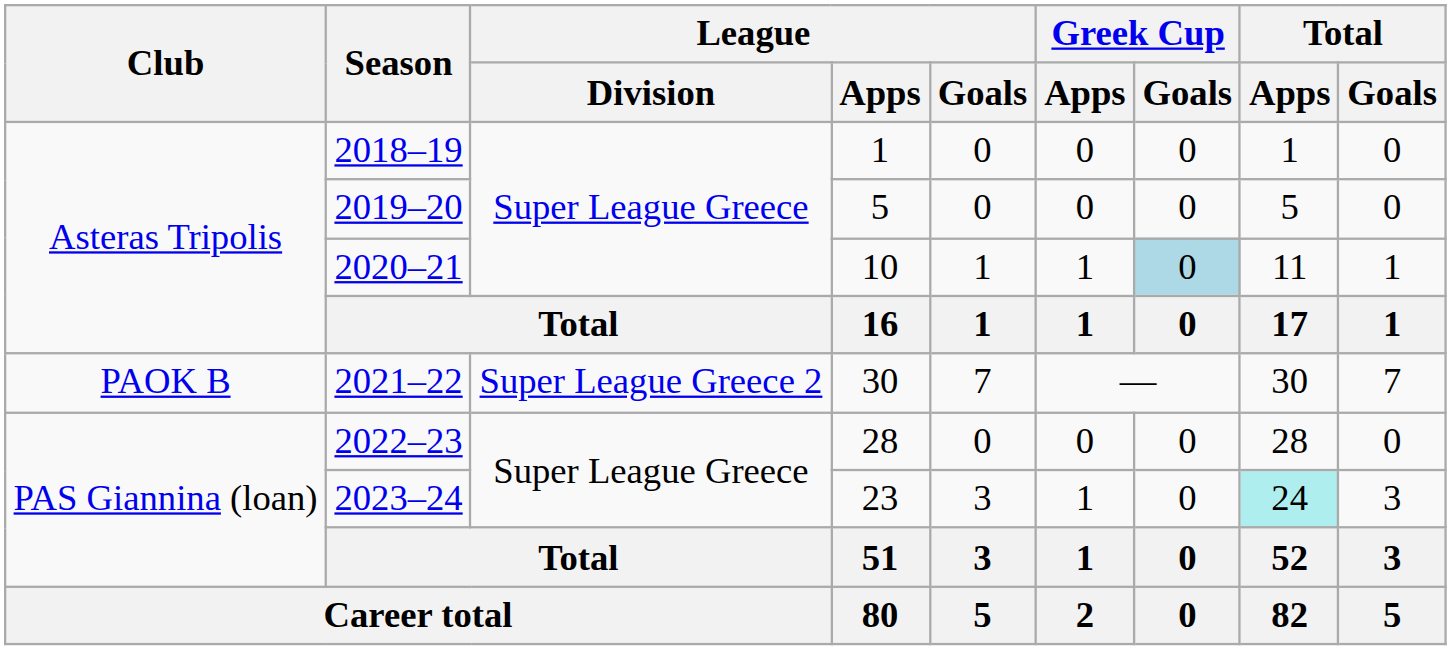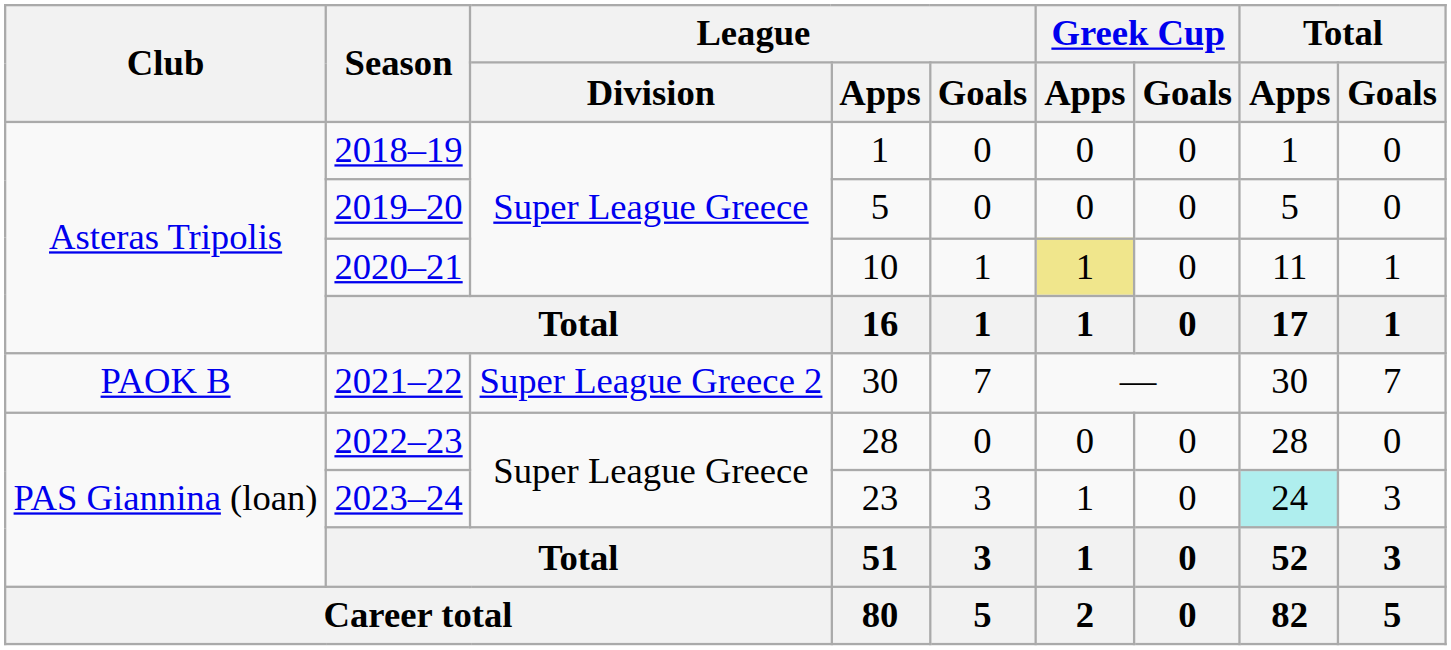 <table class="wikitable" style="text-align: center">
 <tr>
 <th rowspan="2">Club</th>
 <th rowspan="2">Season</th>
 <th colspan="3">League</th>
 <th colspan="2"><a href='#'>Greek Cup</a></th>
 <th colspan="2">Total</th>
 </tr>
 <tr>
 <th>Division</th>
 <th>Apps</th>
 <th>Goals</th>
 <th>Apps</th>
 <th>Goals</th>
 <th>Apps</th>
 <th>Goals</th>
 </tr>
 <tr>
 <td rowspan="4"><a href='#'>Asteras Tripolis</a></td>
 <td><a href='#'>2018–19</a></td>
 <td rowspan="3"><a href='#'>Super League Greece</a></td>
 <td>1</td>
 <td>0</td>
 <td>0</td>
 <td>0</td>
 <td>1</td>
 <td>0</td>
 </tr>
 <tr>
 <td><a href='#'>2019–20</a></td>
 <td>5</td>
 <td>0</td>
 <td>0</td>
 <td>0</td>
 <td>5</td>
 <td>0</td>
 </tr>
 <tr>
 <td><a href='#'>2020–21</a></td>
 <td>10</td>
 <td>1</td>
-<td>1</td>
-<td style="background: lightblue;">0</td>
+<td style="background: khaki;">1</td>
+<td>0</td>
 <td>11</td>
 <td>1</td>
 </tr>
 <tr>
 <th colspan="2">Total</th>
 <th>16</th>
 <th>1</th>
 <th>1</th>
 <th>0</th>
 <th>17</th>
 <th>1</th>
 </tr>
 <tr>
 <td><a href='#'>PAOK B</a></td>
 <td><a href='#'>2021–22</a></td>
 <td><a href='#'>Super League Greece 2</a></td>
 <td>30</td>
 <td>7</td>
 <td colspan="2">—</td>
 <td>30</td>
 <td>7</td>
 </tr>
 <tr>
 <td rowspan="3"><a href='#'>PAS Giannina</a> (loan)</td>
 <td><a href='#'>2022–23</a></td>
 <td rowspan="2">Super League Greece</td>
 <td>28</td>
 <td>0</td>
 <td>0</td>
 <td>0</td>
 <td>28</td>
 <td>0</td>
 </tr>
 <tr>
 <td><a href='#'>2023–24</a></td>
 <td>23</td>
 <td>3</td>
 <td>1</td>
 <td>0</td>
 <td style="background: paleturquoise;">24</td>
 <td>3</td>
 </tr>
 <tr>
 <th colspan="2">Total</th>
 <th>51</th>
 <th>3</th>
 <th>1</th>
 <th>0</th>
 <th>52</th>
 <th>3</th>
 </tr>
 <tr>
 <th colspan="3">Career total</th>
 <th>80</th>
 <th>5</th>
 <th>2</th>
 <th>0</th>
 <th>82</th>
 <th>5</th>
 </tr>
 </table>
